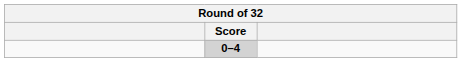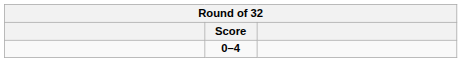 <table class="wikitable" style="text-align: center; font-size:90% ">
 <tr>
 <th colspan=3>Round of 32</th>
 </tr>
 <tr>
 <th align="right" width="250"></th>
 <th width="60">Score</th>
 <th align="left" width="250"></th>
 </tr>
 <tr>
 <td align=left></td>
-<td align=center style="background: lightgrey;"><strong>0–4</strong></td>
+<td align=center><strong>0–4</strong></td>
 <td align=left><strong></strong></td>
 </tr>
 </table>
